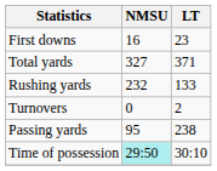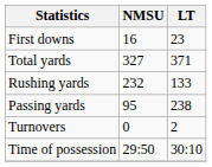 <table class="wikitable">
 <tr>
 <th>Statistics</th>
 <th>NMSU</th>
 <th>LT</th>
 </tr>
 <tr>
 <td>First downs</td>
 <td>16</td>
 <td>23</td>
 </tr>
 <tr>
 <td>Total yards</td>
 <td>327</td>
 <td>371</td>
 </tr>
 <tr>
 <td>Rushing yards</td>
 <td>232</td>
 <td>133</td>
 </tr>
 <tr>
+<td>Passing yards</td>
+<td>95</td>
+<td>238</td>
+</tr>
+<tr>
 <td>Turnovers</td>
 <td>0</td>
 <td>2</td>
 </tr>
 <tr>
-<td>Passing yards</td>
-<td>95</td>
-<td>238</td>
-</tr>
-<tr>
 <td>Time of possession</td>
-<td style="background: paleturquoise;">29:50</td>
+<td>29:50</td>
 <td>30:10</td>
 </tr>
 <tr>
 </tr>
 </table>
